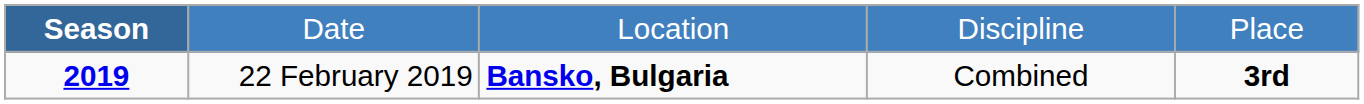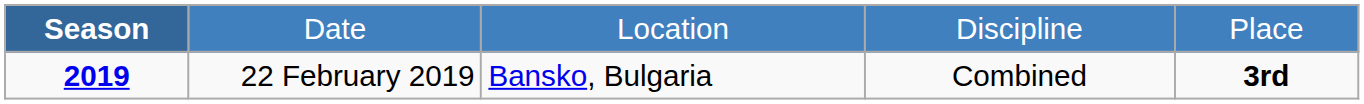 <table class="wikitable" style="font-size:95%; text-align:center; border:grey solid 1px; border-collapse:collapse;" width="55%">
 <tr style="background-color:#369; color:white;">
 <td rowspan="2" colspan="1" width="2%"><strong>Season</strong></td>
 </tr>
 <tr style="background-color:#4180be; color:white;">
 <td width="5%">Date</td>
 <td width="8%">Location</td>
 <td width="5%">Discipline</td>
 <td width="3%">Place</td>
 </tr>
 <tr>
 <td rowspan="1"><strong><a href='#'>2019</a></strong></td>
 <td align=right>22 February 2019</td>
-<td align=left><strong> <a href='#'>Bansko</a>, Bulgaria</strong></td>
+<td align=left> <a href='#'>Bansko</a>, Bulgaria</td>
 <td>Combined</td>
 <td><strong>3rd</strong></td>
 </tr>
 </table>
